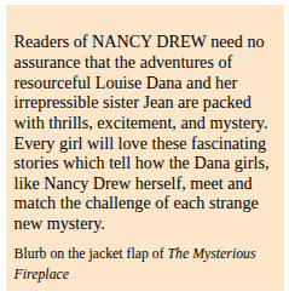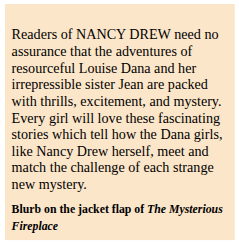 <table class="toccolours" style="float: right; margin-left: 1em; margin-right: 1em; font-size: 85%; background:#FCE6C9; color:black; width:23em; max-width: 25%;" cellspacing="5">
 <tr>
 <td style="text-align: left;"><br>Readers of NANCY DREW need no assurance that the adventures of resourceful Louise Dana and her irrepressible sister Jean are packed with thrills, excitement, and mystery. Every girl will love these fascinating stories which tell how the Dana girls, like Nancy Drew herself, meet and match the challenge of each strange new mystery.</td>
 </tr>
 <tr>
-<td style="text-align: left;"><small>Blurb on the jacket flap of <em>The Mysterious Fireplace</em></small></td>
+<td style="text-align: left;"><strong><small>Blurb on the jacket flap of <em>The Mysterious Fireplace</em></small></strong></td>
 </tr>
 </table>
